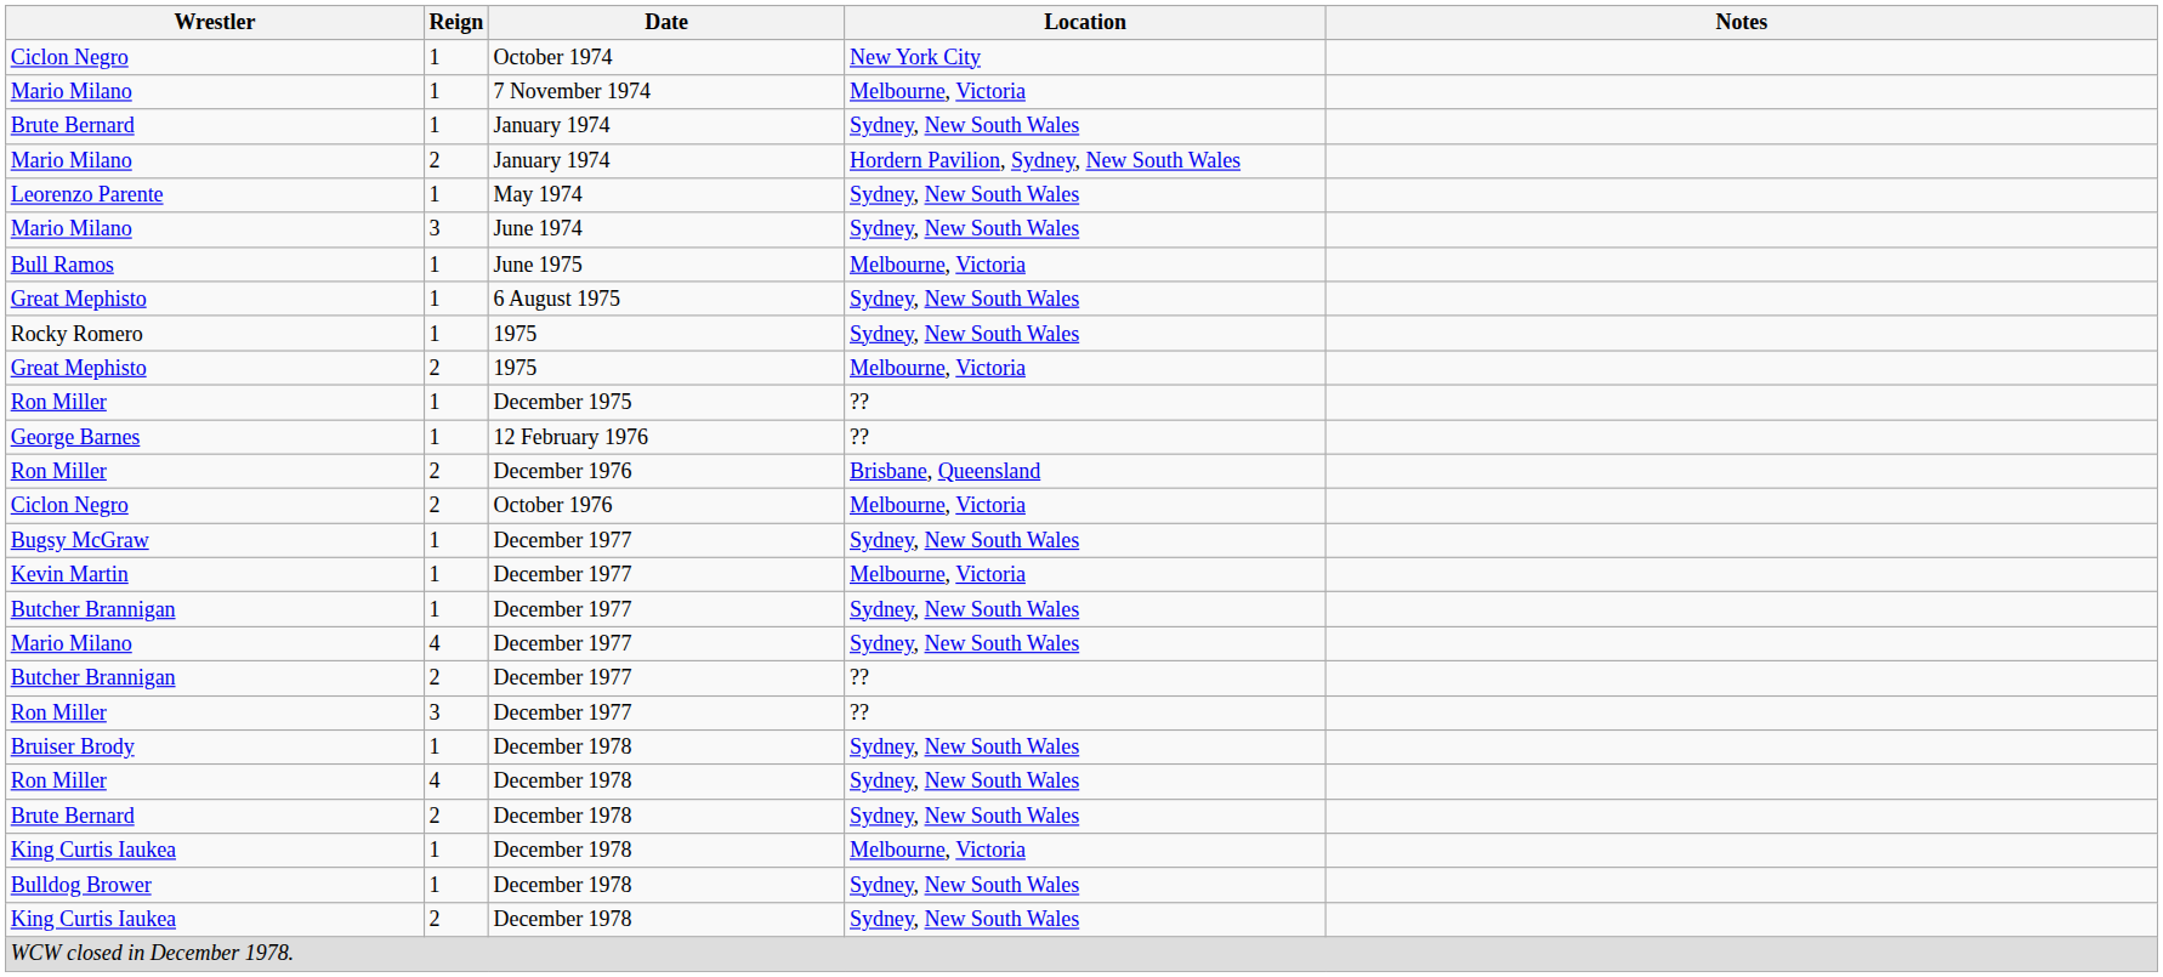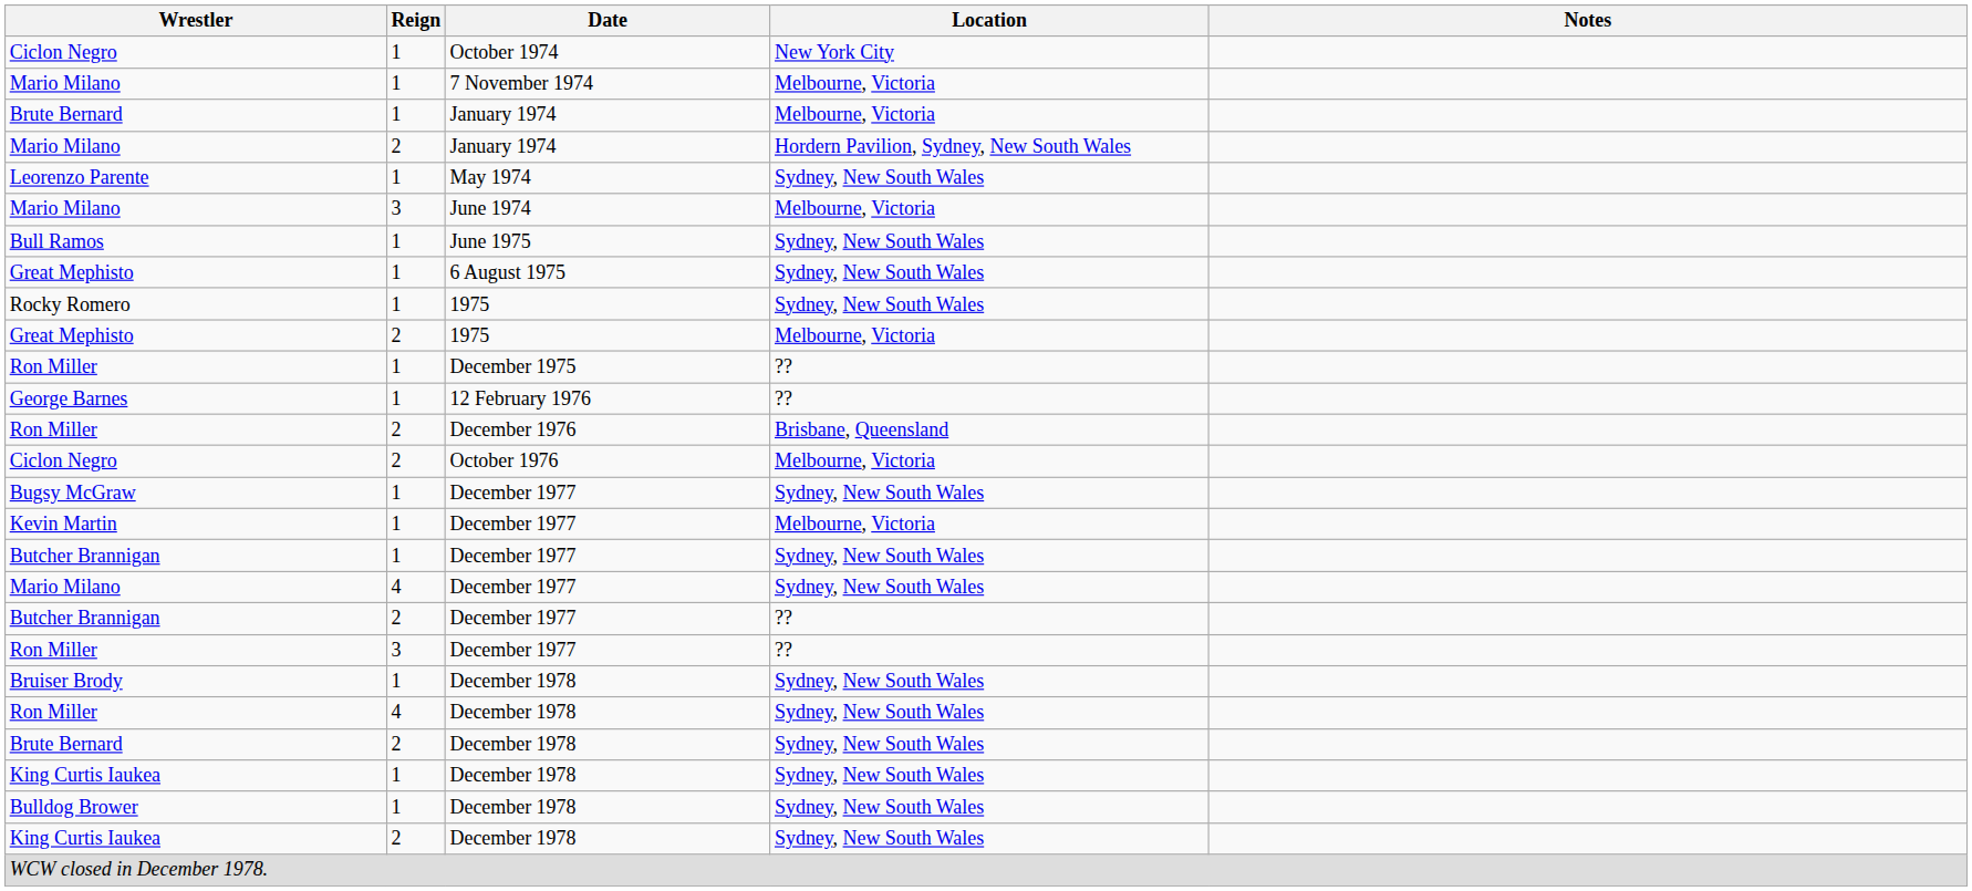 <table class="wikitable sortable" style="width:100%;">
 <tr>
 <th width=20%>Wrestler</th>
 <th width=0%>Reign</th>
 <th width=17%>Date</th>
 <th width=23%>Location</th>
 <th width=40%>Notes</th>
 </tr>
 <tr>
 <td><a href='#'>Ciclon Negro</a></td>
 <td>1</td>
 <td>October 1974</td>
 <td><a href='#'>New York City</a></td>
 <td></td>
 </tr>
 <tr>
 <td><a href='#'>Mario Milano</a></td>
 <td>1</td>
 <td>7 November 1974</td>
 <td><a href='#'>Melbourne</a>, <a href='#'>Victoria</a></td>
 <td></td>
 </tr>
 <tr>
 <td><a href='#'>Brute Bernard</a></td>
 <td>1</td>
 <td>January 1974</td>
-<td><a href='#'>Sydney</a>, <a href='#'>New South Wales</a></td>
+<td><a href='#'>Melbourne</a>, <a href='#'>Victoria</a></td>
 <td></td>
 </tr>
 <tr>
 <td><a href='#'>Mario Milano</a></td>
 <td>2</td>
 <td>January 1974</td>
 <td><a href='#'>Hordern Pavilion</a>, <a href='#'>Sydney</a>, <a href='#'>New South Wales</a></td>
 <td></td>
 </tr>
 <tr>
 <td><a href='#'>Leorenzo Parente</a></td>
 <td>1</td>
 <td>May 1974</td>
 <td><a href='#'>Sydney</a>, <a href='#'>New South Wales</a></td>
 <td></td>
 </tr>
 <tr>
 <td><a href='#'>Mario Milano</a></td>
 <td>3</td>
 <td>June 1974</td>
-<td><a href='#'>Sydney</a>, <a href='#'>New South Wales</a></td>
+<td><a href='#'>Melbourne</a>, <a href='#'>Victoria</a></td>
 <td></td>
 </tr>
 <tr>
 <td><a href='#'>Bull Ramos</a></td>
 <td>1</td>
 <td>June 1975</td>
-<td><a href='#'>Melbourne</a>, <a href='#'>Victoria</a></td>
+<td><a href='#'>Sydney</a>, <a href='#'>New South Wales</a></td>
 <td></td>
 </tr>
 <tr>
 <td><a href='#'>Great Mephisto</a></td>
 <td>1</td>
 <td>6 August 1975</td>
 <td><a href='#'>Sydney</a>, <a href='#'>New South Wales</a></td>
 <td></td>
 </tr>
 <tr>
 <td>Rocky Romero</td>
 <td>1</td>
 <td>1975</td>
 <td><a href='#'>Sydney</a>, <a href='#'>New South Wales</a></td>
 <td></td>
 </tr>
 <tr>
 <td><a href='#'>Great Mephisto</a></td>
 <td>2</td>
 <td>1975</td>
 <td><a href='#'>Melbourne</a>, <a href='#'>Victoria</a></td>
 <td></td>
 </tr>
 <tr>
 <td><a href='#'>Ron Miller</a></td>
 <td>1</td>
 <td>December 1975</td>
 <td>??</td>
 <td></td>
 </tr>
 <tr>
 <td><a href='#'>George Barnes</a></td>
 <td>1</td>
 <td>12 February 1976</td>
 <td>??</td>
 <td></td>
 </tr>
 <tr>
 <td><a href='#'>Ron Miller</a></td>
 <td>2</td>
 <td>December 1976</td>
 <td><a href='#'>Brisbane</a>, <a href='#'>Queensland</a></td>
 <td></td>
 </tr>
 <tr>
 <td><a href='#'>Ciclon Negro</a></td>
 <td>2</td>
 <td>October 1976</td>
 <td><a href='#'>Melbourne</a>, <a href='#'>Victoria</a></td>
 <td></td>
 </tr>
 <tr>
 <td><a href='#'>Bugsy McGraw</a></td>
 <td>1</td>
 <td>December 1977</td>
 <td><a href='#'>Sydney</a>, <a href='#'>New South Wales</a></td>
 <td></td>
 </tr>
 <tr>
 <td><a href='#'>Kevin Martin</a></td>
 <td>1</td>
 <td>December 1977</td>
 <td><a href='#'>Melbourne</a>, <a href='#'>Victoria</a></td>
 <td></td>
 </tr>
 <tr>
 <td><a href='#'>Butcher Brannigan</a></td>
 <td>1</td>
 <td>December 1977</td>
 <td><a href='#'>Sydney</a>, <a href='#'>New South Wales</a></td>
 <td></td>
 </tr>
 <tr>
 <td><a href='#'>Mario Milano</a></td>
 <td>4</td>
 <td>December 1977</td>
 <td><a href='#'>Sydney</a>, <a href='#'>New South Wales</a></td>
 <td></td>
 </tr>
 <tr>
 <td><a href='#'>Butcher Brannigan</a></td>
 <td>2</td>
 <td>December 1977</td>
 <td>??</td>
 <td></td>
 </tr>
 <tr>
 <td><a href='#'>Ron Miller</a></td>
 <td>3</td>
 <td>December 1977</td>
 <td>??</td>
 <td></td>
 </tr>
 <tr>
 <td><a href='#'>Bruiser Brody</a></td>
 <td>1</td>
 <td>December 1978</td>
 <td><a href='#'>Sydney</a>, <a href='#'>New South Wales</a></td>
 <td></td>
 </tr>
 <tr>
 <td><a href='#'>Ron Miller</a></td>
 <td>4</td>
 <td>December 1978</td>
 <td><a href='#'>Sydney</a>, <a href='#'>New South Wales</a></td>
 <td></td>
 </tr>
 <tr>
 <td><a href='#'>Brute Bernard</a></td>
 <td>2</td>
 <td>December 1978</td>
 <td><a href='#'>Sydney</a>, <a href='#'>New South Wales</a></td>
 <td></td>
 </tr>
 <tr>
 <td><a href='#'>King Curtis Iaukea</a></td>
 <td>1</td>
 <td>December 1978</td>
-<td><a href='#'>Melbourne</a>, <a href='#'>Victoria</a></td>
+<td><a href='#'>Sydney</a>, <a href='#'>New South Wales</a></td>
 <td></td>
 </tr>
 <tr>
 <td><a href='#'>Bulldog Brower</a></td>
 <td>1</td>
 <td>December 1978</td>
 <td><a href='#'>Sydney</a>, <a href='#'>New South Wales</a></td>
 <td></td>
 </tr>
 <tr>
 <td><a href='#'>King Curtis Iaukea</a></td>
 <td>2</td>
 <td>December 1978</td>
 <td><a href='#'>Sydney</a>, <a href='#'>New South Wales</a></td>
 <td></td>
 </tr>
 <tr>
 <td style="background: #dddddd;" colspan=5><em>WCW closed in December 1978.</em></td>
 </tr>
 <tr>
 </tr>
 </table>
